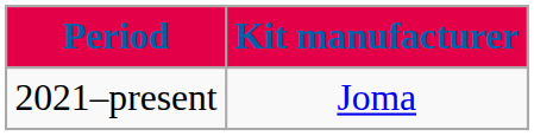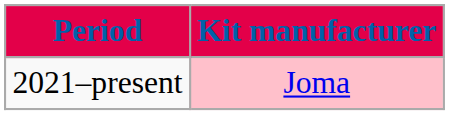 <table class="wikitable" style="font-size: 95%; text-align:center">
 <tr>
 <th scope=col style="color:#0061A9; background:#E30049">Period</th>
 <th scope=col style="color:#0061A9; background:#E30049">Kit manufacturer</th>
 </tr>
 <tr>
 <td>2021–present</td>
-<td> <a href='#'>Joma</a></td>
+<td style="background: pink;"> <a href='#'>Joma</a></td>
 </tr>
 </table>
